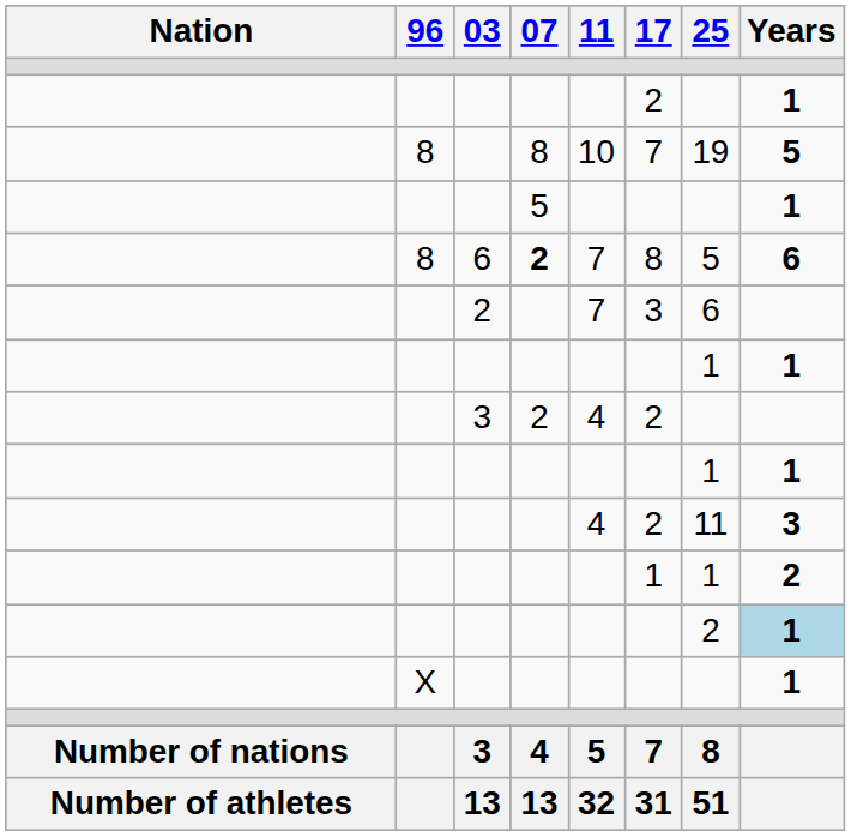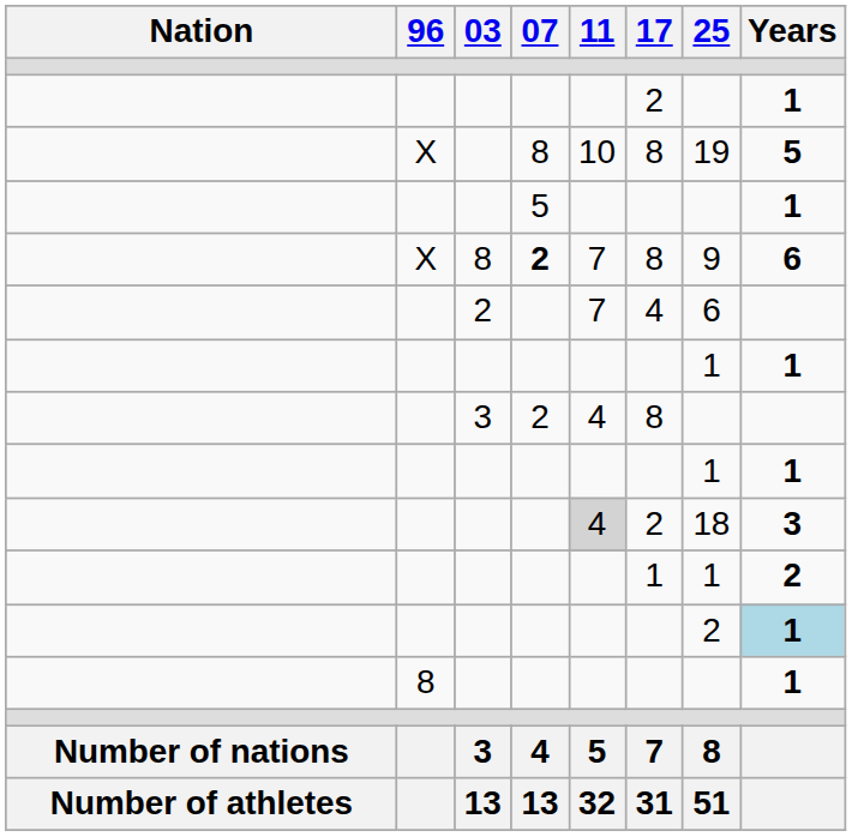 <table class=wikitable style="text-align:center">
 <tr>
 <th width=180>Nation</th>
 <th width=20><a href='#'>96</a></th>
 <th width=20><a href='#'>03</a></th>
 <th width=20><a href='#'>07</a></th>
 <th width=20><a href='#'>11</a></th>
 <th width=20><a href='#'>17</a></th>
 <th width=20><a href='#'>25</a></th>
 <th width=40>Years</th>
 </tr>
 <tr bgcolor=#DDDDDD>
 <td colspan=8></td>
 </tr>
 <tr>
 <td align=left></td>
 <td></td>
 <td></td>
 <td></td>
 <td></td>
 <td>2</td>
 <td></td>
 <td><strong>1</strong></td>
 </tr>
 <tr>
 <td align=left></td>
-<td>8</td>
+<td>X</td>
 <td></td>
 <td>8</td>
 <td>10</td>
-<td>7</td>
+<td>8</td>
 <td>19</td>
 <td><strong>5</strong></td>
 </tr>
 <tr>
 <td align=left></td>
 <td></td>
 <td></td>
 <td>5</td>
 <td></td>
 <td></td>
 <td></td>
 <td><strong>1</strong></td>
 </tr>
 <tr>
 <td align=left></td>
+<td>X</td>
 <td>8</td>
-<td>6</td>
 <td><strong>2</strong></td>
 <td>7</td>
 <td>8</td>
-<td>5</td>
+<td>9</td>
 <td><strong>6</strong></td>
 </tr>
 <tr>
 <td align=left></td>
 <td></td>
 <td>2</td>
 <td></td>
 <td>7</td>
-<td>3</td>
+<td>4</td>
 <td>6</td>
 <td></td>
 </tr>
 <tr>
 <td align=left></td>
 <td></td>
 <td></td>
 <td></td>
 <td></td>
 <td></td>
 <td>1</td>
 <td><strong>1</strong></td>
 </tr>
 <tr>
 <td align=left></td>
 <td></td>
 <td>3</td>
 <td>2</td>
 <td>4</td>
-<td>2</td>
+<td>8</td>
 <td></td>
 <td></td>
 </tr>
 <tr>
 <td align=left></td>
 <td></td>
 <td></td>
 <td></td>
 <td></td>
 <td></td>
 <td>1</td>
 <td><strong>1</strong></td>
 </tr>
 <tr>
 <td align=left></td>
 <td></td>
 <td></td>
 <td></td>
-<td>4</td>
+<td style="background: lightgrey;">4</td>
 <td>2</td>
-<td>11</td>
+<td>18</td>
 <td><strong>3</strong></td>
 </tr>
 <tr>
 <td align=left></td>
 <td></td>
 <td></td>
 <td></td>
 <td></td>
 <td>1</td>
 <td>1</td>
 <td><strong>2</strong></td>
 </tr>
 <tr>
 <td align=left></td>
 <td></td>
 <td></td>
 <td></td>
 <td></td>
 <td></td>
 <td>2</td>
 <td style="background: lightblue;"><strong>1</strong></td>
 </tr>
 <tr>
 <td align=left></td>
-<td>X</td>
+<td>8</td>
 <td></td>
 <td></td>
 <td></td>
 <td></td>
 <td></td>
 <td><strong>1</strong></td>
 </tr>
 <tr bgcolor=#DDDDDD>
 <td colspan=8></td>
 </tr>
 <tr>
 <th>Number of nations</th>
 <th></th>
 <th>3</th>
 <th>4</th>
 <th>5</th>
 <th>7</th>
 <th>8</th>
 <th></th>
 </tr>
 <tr>
 <th>Number of athletes</th>
 <th></th>
 <th>13</th>
 <th>13</th>
 <th>32</th>
 <th>31</th>
 <th>51</th>
 <th></th>
 </tr>
 </table>
